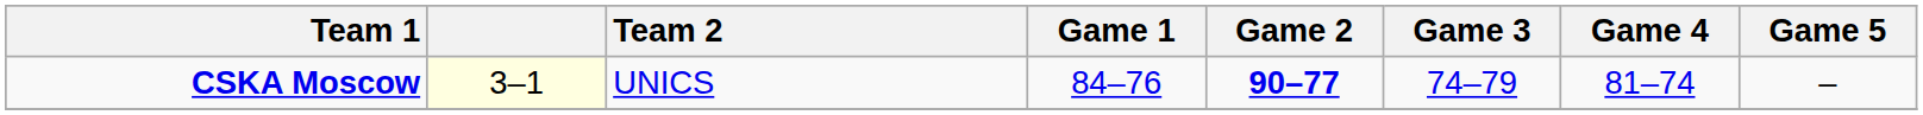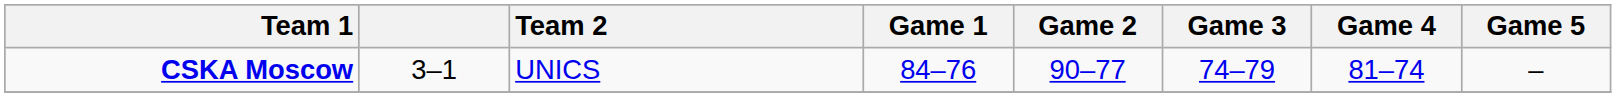 <table class=wikitable style="text-align:center">
 <tr>
 <th width=200 style="text-align:right;">Team 1</th>
 <th width=80></th>
 <th width=200 style="text-align:left;">Team 2</th>
 <th width=80>Game 1</th>
 <th width=80>Game 2</th>
 <th width=80>Game 3</th>
 <th width=80>Game 4</th>
 <th width=80>Game 5</th>
 </tr>
 <tr>
 <td align=right><strong><a href='#'>CSKA Moscow</a></strong> </td>
-<td style="background: lightyellow;">3–1</td>
+<td>3–1</td>
 <td align=left> <a href='#'>UNICS</a></td>
 <td><a href='#'>84–76</a></td>
-<td><strong><a href='#'>90–77</a></strong></td>
+<td><a href='#'>90–77</a></td>
 <td><a href='#'>74–79</a></td>
 <td><a href='#'>81–74</a></td>
 <td>–</td>
 </tr>
 <tr>
 </tr>
 </table>
